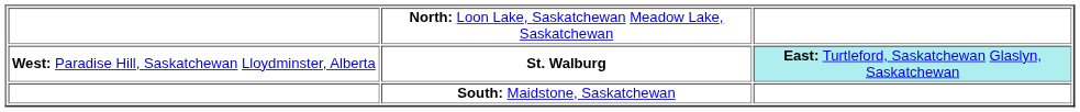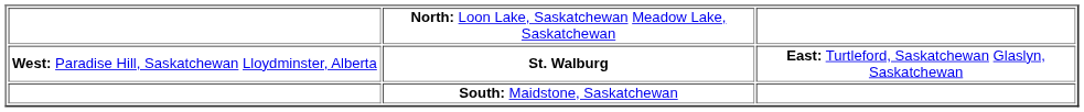 <table width ="75%" border = 2 align="center">
 <tr ---->
 <td width ="35%" align="center"></td>
 <td width ="30%" align="center"><strong>North:</strong> <a href='#'>Loon Lake, Saskatchewan</a> <a href='#'>Meadow Lake, Saskatchewan</a></td>
 <td width ="35%" align="center"></td>
 </tr>
 <tr ---->
 <td width ="10%" align="center"><strong>West:</strong> <a href='#'>Paradise Hill, Saskatchewan</a> <a href='#'>Lloydminster, Alberta</a></td>
 <td width ="35%" align="center"><strong>St. Walburg</strong></td>
-<td width ="30%" align="center" style="background: paleturquoise;"><strong>East:</strong> <a href='#'>Turtleford, Saskatchewan</a> <a href='#'>Glaslyn, Saskatchewan</a></td>
+<td width ="30%" align="center"><strong>East:</strong> <a href='#'>Turtleford, Saskatchewan</a> <a href='#'>Glaslyn, Saskatchewan</a></td>
 </tr>
 <tr ---->
 <td width ="35%" align="center"></td>
 <td width ="30%" align="center"><strong>South:</strong> <a href='#'>Maidstone, Saskatchewan</a></td>
 <td width ="35%" align="center"></td>
 </tr>
 </table>
